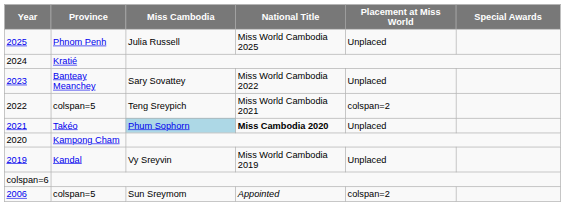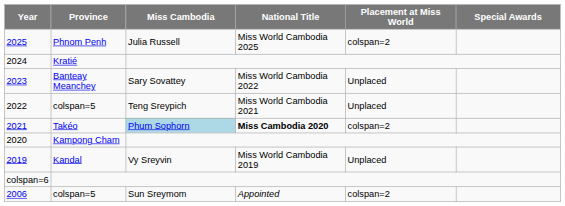 <table class="wikitable " style="font-size: 90%;">
 <tr>
 <th width="60" style="background-color:#787878;color:#FFFFFF;">Year</th>
 <th width="150" style="background-color:#787878;color:#FFFFFF;">Province</th>
 <th width="250" style="background-color:#787878;color:#FFFFFF;">Miss Cambodia</th>
 <th width="250" style="background-color:#787878;color:#FFFFFF;">National Title</th>
 <th width="250" style="background-color:#787878;color:#FFFFFF;">Placement at Miss World</th>
 <th width="250" style="background-color:#787878;color:#FFFFFF;">Special Awards</th>
 </tr>
 <tr>
 <td><a href='#'>2025</a></td>
 <td><a href='#'>Phnom Penh</a></td>
 <td>Julia Russell</td>
 <td>Miss World Cambodia 2025</td>
-<td>Unplaced</td>
+<td>colspan=2 </td>
 <td></td>
 </tr>
 <tr>
 <td>2024</td>
 <td><a href='#'>Kratié</a></td>
 </tr>
 <tr>
 <td><a href='#'>2023</a></td>
 <td><a href='#'>Banteay Meanchey</a></td>
 <td>Sary Sovattey</td>
 <td>Miss World Cambodia 2022</td>
 <td>Unplaced</td>
 <td></td>
 </tr>
 <tr>
 <td>2022</td>
 <td>colspan=5 </td>
 <td>Teng Sreypich</td>
 <td>Miss World Cambodia 2021</td>
-<td>colspan=2 </td>
+<td>Unplaced</td>
 </tr>
 <tr>
 <td><a href='#'>2021</a></td>
 <td><a href='#'>Takéo</a></td>
 <td style="background: lightblue;"><a href='#'>Phum Sophorn</a></td>
 <td><strong>Miss Cambodia 2020</strong></td>
-<td>Unplaced</td>
+<td>colspan=2 </td>
 <td></td>
 </tr>
 <tr>
 <td>2020</td>
 <td><a href='#'>Kampong Cham</a></td>
 </tr>
 <tr>
 <td><a href='#'>2019</a></td>
 <td><a href='#'>Kandal</a></td>
 <td>Vy Sreyvin</td>
 <td>Miss World Cambodia 2019</td>
 <td>Unplaced</td>
 <td></td>
 </tr>
 <tr>
 <td>colspan=6 </td>
 </tr>
 <tr>
 <td><a href='#'>2006</a></td>
 <td>colspan=5 </td>
 <td>Sun Sreymom</td>
 <td><em>Appointed</em></td>
 <td>colspan=2 </td>
 <td></td>
 </tr>
 </table>
